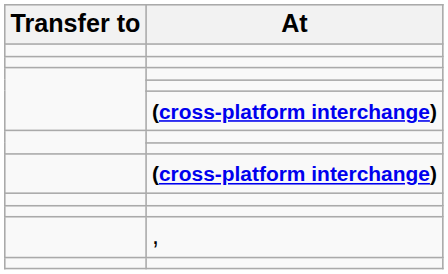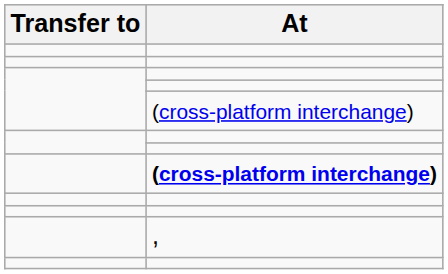 <table class="wikitable" style="border-collapse: collapse">
 <tr>
 <th>Transfer to</th>
 <th>At</th>
 </tr>
 <tr>
 <td></td>
 <td></td>
 </tr>
 <tr>
 <td></td>
 <td></td>
 </tr>
 <tr>
 <td rowspan="3"></td>
 <td></td>
 </tr>
 <tr>
 <td></td>
 </tr>
 <tr>
-<td><strong> <small>(<a href='#'>cross-platform interchange</a>)</small></strong></td>
+<td> <small>(<a href='#'>cross-platform interchange</a>)</small></td>
 </tr>
 <tr>
 <td rowspan="2"></td>
 <td></td>
 </tr>
 <tr>
 <td></td>
 </tr>
 <tr>
 <td></td>
 <td><strong> <small>(<a href='#'>cross-platform interchange</a>)</small></strong></td>
 </tr>
 <tr>
 <td></td>
 <td></td>
 </tr>
 <tr>
 <td></td>
 <td></td>
 </tr>
 <tr>
 <td></td>
 <td>, </td>
 </tr>
 <tr>
 <td></td>
 <td></td>
 </tr>
 </table>
